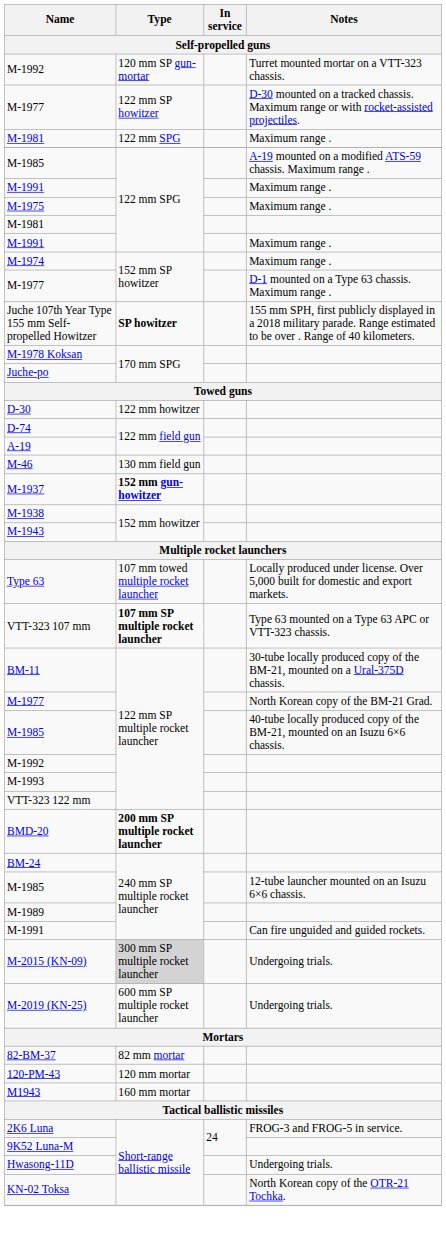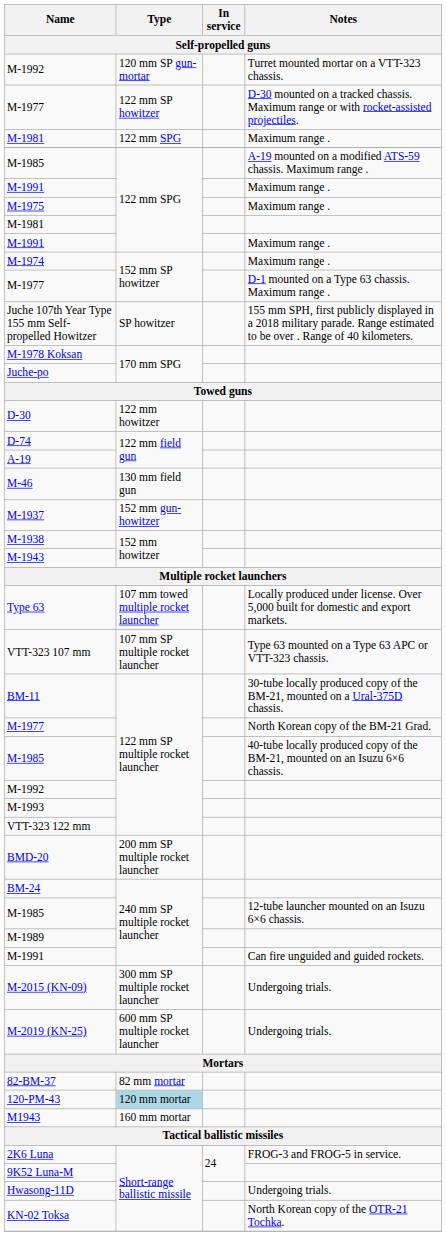 <table class="wikitable">
 <tr>
 <th>Name</th>
 <th>Type</th>
 <th>In service</th>
 <th>Notes</th>
 </tr>
 <tr>
 <th colspan="7">Self-propelled guns</th>
 </tr>
 <tr>
 <td>M-1992</td>
 <td>120 mm SP <a href='#'>gun-mortar</a></td>
 <td></td>
 <td>Turret mounted mortar on a VTT-323 chassis.</td>
 </tr>
 <tr>
 <td>M-1977</td>
 <td>122 mm SP <a href='#'>howitzer</a></td>
 <td></td>
 <td><a href='#'>D-30</a> mounted on a tracked chassis. Maximum range  or  with <a href='#'>rocket-assisted projectiles</a>.</td>
 </tr>
 <tr>
 <td><a href='#'>M-1981</a></td>
 <td>122 mm <a href='#'>SPG</a></td>
 <td></td>
 <td>Maximum range .</td>
 </tr>
 <tr>
 </tr>
 <tr>
 <td>M-1985</td>
 <td rowspan="5">122 mm SPG</td>
 <td></td>
 <td><a href='#'>A-19</a> mounted on a modified <a href='#'>ATS-59</a> chassis. Maximum range .</td>
 </tr>
 <tr>
 <td><a href='#'>M-1991</a></td>
 <td></td>
 <td>Maximum range .</td>
 </tr>
 <tr>
 <td><a href='#'>M-1975</a></td>
 <td></td>
 <td>Maximum range .</td>
 </tr>
 <tr>
 <td>M-1981</td>
 <td></td>
 <td></td>
 </tr>
 <tr>
 <td><a href='#'>M-1991</a></td>
 <td></td>
 <td>Maximum range .</td>
 </tr>
 <tr>
 <td><a href='#'>M-1974</a></td>
 <td rowspan="2">152 mm SP howitzer</td>
 <td></td>
 <td>Maximum range .</td>
 </tr>
 <tr>
 <td>M-1977</td>
 <td></td>
 <td><a href='#'>D-1</a> mounted on a Type 63 chassis. Maximum range .</td>
 </tr>
 <tr>
 <td>Juche 107th Year Type 155 mm Self-propelled Howitzer</td>
-<td><strong>SP howitzer</strong></td>
+<td>SP howitzer</td>
 <td></td>
 <td>155 mm SPH, first publicly displayed in a 2018 military parade. Range estimated to be over . Range of 40 kilometers.</td>
 </tr>
 <tr>
 <td><a href='#'>M-1978 Koksan</a></td>
 <td rowspan="2">170 mm SPG</td>
 <td></td>
 <td></td>
 </tr>
 <tr>
 <td><a href='#'>Juche-po</a></td>
 <td></td>
 <td></td>
 </tr>
 <tr>
 <th colspan="7">Towed guns</th>
 </tr>
 <tr>
 <td><a href='#'>D-30</a></td>
 <td>122 mm howitzer</td>
 <td></td>
 <td></td>
 </tr>
 <tr>
 <td><a href='#'>D-74</a></td>
 <td rowspan="2">122 mm <a href='#'>field gun</a></td>
 <td></td>
 <td></td>
 </tr>
 <tr>
 <td><a href='#'>A-19</a></td>
 <td></td>
 <td></td>
 </tr>
 <tr>
 <td><a href='#'>M-46</a></td>
 <td>130 mm field gun</td>
 <td></td>
 <td></td>
 </tr>
 <tr>
 <td><a href='#'>M-1937</a></td>
-<td><strong>152 mm <a href='#'>gun-howitzer</a></strong></td>
+<td>152 mm <a href='#'>gun-howitzer</a></td>
 <td></td>
 <td></td>
 </tr>
 <tr>
 <td><a href='#'>M-1938</a></td>
 <td rowspan="2">152 mm howitzer</td>
 <td></td>
 <td></td>
 </tr>
 <tr>
 <td><a href='#'>M-1943</a></td>
 <td></td>
 <td></td>
 </tr>
 <tr>
 <th colspan="7">Multiple rocket launchers</th>
 </tr>
 <tr>
 <td><a href='#'>Type 63</a></td>
 <td>107 mm towed <a href='#'>multiple rocket launcher</a></td>
 <td></td>
 <td>Locally produced under license. Over 5,000 built for domestic and export markets.</td>
 </tr>
 <tr>
 <td>VTT-323 107 mm</td>
-<td><strong>107 mm SP multiple rocket launcher</strong></td>
+<td>107 mm SP multiple rocket launcher</td>
 <td></td>
 <td>Type 63 mounted on a Type 63 APC or VTT-323 chassis.</td>
 </tr>
 <tr>
 <td><a href='#'>BM-11</a></td>
 <td rowspan="6">122 mm SP multiple rocket launcher</td>
 <td></td>
 <td>30-tube locally produced copy of the BM-21, mounted on a <a href='#'>Ural-375D</a> chassis.</td>
 </tr>
 <tr>
 <td><a href='#'>M-1977</a></td>
 <td></td>
 <td>North Korean copy of the BM-21 Grad.</td>
 </tr>
 <tr>
 <td><a href='#'>M-1985</a></td>
 <td></td>
 <td>40-tube locally produced copy of the BM-21, mounted on an Isuzu 6×6 chassis.</td>
 </tr>
 <tr>
 <td>M-1992</td>
 <td></td>
 <td></td>
 </tr>
 <tr>
 <td>M-1993</td>
 <td></td>
 <td></td>
 </tr>
 <tr>
 <td>VTT-323 122 mm</td>
 <td></td>
 <td></td>
 </tr>
 <tr>
 <td><a href='#'>BMD-20</a></td>
-<td><strong>200 mm SP multiple rocket launcher</strong></td>
+<td>200 mm SP multiple rocket launcher</td>
 <td></td>
 <td></td>
 </tr>
 <tr>
 <td><a href='#'>BM-24</a></td>
 <td rowspan="4">240 mm SP multiple rocket launcher</td>
 <td></td>
 <td></td>
 </tr>
 <tr>
 <td>M-1985</td>
 <td></td>
 <td>12-tube launcher mounted on an Isuzu 6×6 chassis.</td>
 </tr>
 <tr>
 <td>M-1989</td>
 <td></td>
 <td></td>
 </tr>
 <tr>
 <td>M-1991</td>
 <td></td>
 <td>Can fire unguided and guided rockets.</td>
 </tr>
 <tr>
 <td><a href='#'>M-2015 (KN-09)</a></td>
-<td style="background: lightgrey;">300 mm SP multiple rocket launcher</td>
+<td>300 mm SP multiple rocket launcher</td>
 <td></td>
 <td>Undergoing trials.</td>
 </tr>
 <tr>
 <td><a href='#'>M-2019 (KN-25)</a></td>
 <td>600 mm SP multiple rocket launcher</td>
 <td></td>
 <td>Undergoing trials.</td>
 </tr>
 <tr>
 <th colspan="7">Mortars</th>
 </tr>
 <tr>
 <td><a href='#'>82-BM-37</a></td>
 <td>82 mm <a href='#'>mortar</a></td>
 <td></td>
 <td></td>
 </tr>
 <tr>
 <td><a href='#'>120-PM-43</a></td>
-<td>120 mm mortar</td>
+<td style="background: lightblue;">120 mm mortar</td>
 <td></td>
 <td></td>
 </tr>
 <tr>
 <td><a href='#'>M1943</a></td>
 <td>160 mm mortar</td>
 <td></td>
 <td></td>
 </tr>
 <tr>
 <th colspan="7">Tactical ballistic missiles</th>
 </tr>
 <tr>
 <td><a href='#'>2K6 Luna</a></td>
 <td rowspan="4"><a href='#'>Short-range ballistic missile</a></td>
 <td rowspan="2">24</td>
 <td>FROG-3 and FROG-5 in service.</td>
 </tr>
 <tr>
 <td><a href='#'>9K52 Luna-M</a></td>
 <td></td>
 </tr>
 <tr>
 <td><a href='#'>Hwasong-11D</a></td>
 <td></td>
 <td>Undergoing trials.</td>
 </tr>
 <tr>
 <td><a href='#'>KN-02 Toksa</a></td>
 <td></td>
 <td>North Korean copy of the <a href='#'>OTR-21 Tochka</a>.</td>
 </tr>
 <tr>
 </tr>
 </table>
